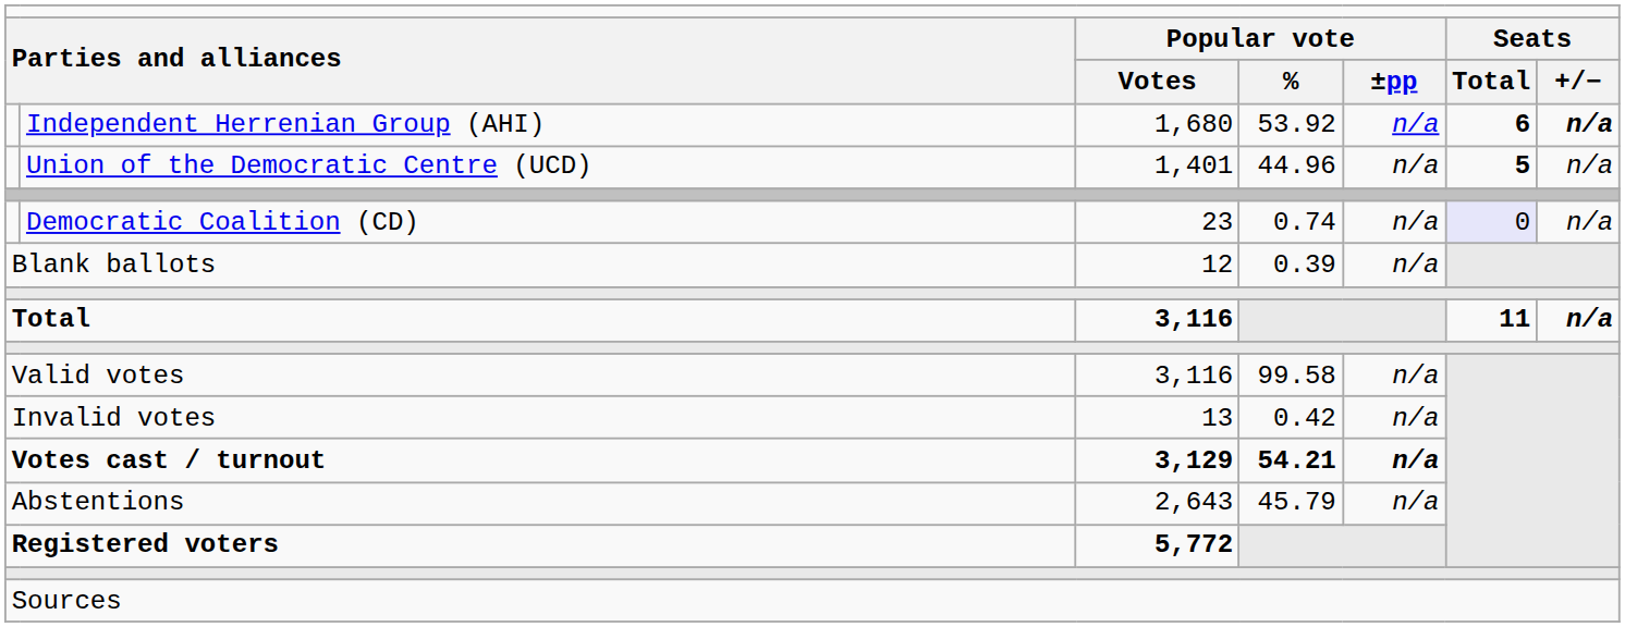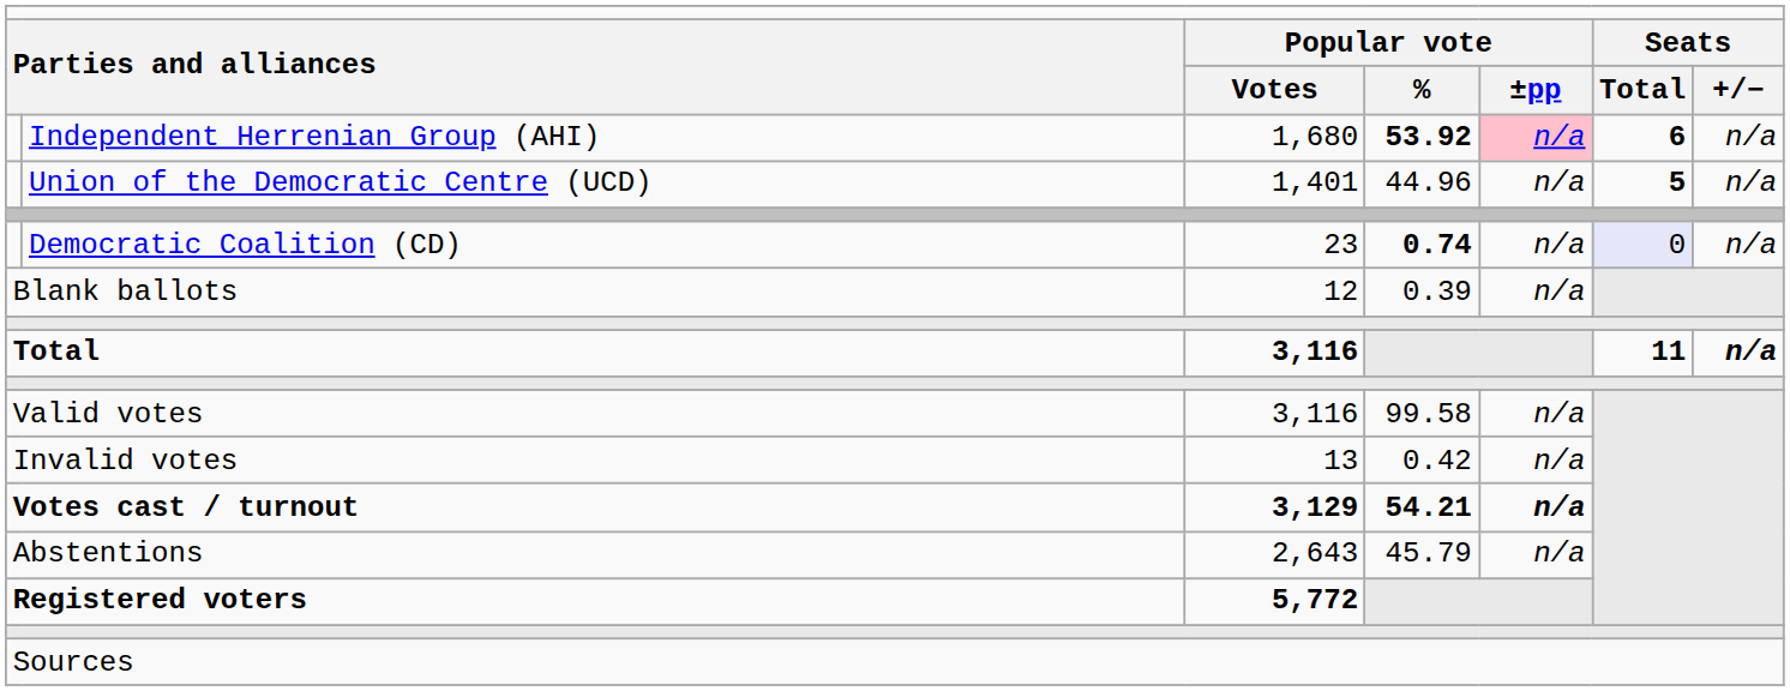 <table class="wikitable" style="text-align:right;">
 <tr>
 <td colspan="7"></td>
 </tr>
 <tr>
 <th style="text-align:left;" rowspan="2" colspan="2" width="525">Parties and alliances</th>
 <th colspan="3">Popular vote</th>
 <th colspan="2">Seats</th>
 </tr>
 <tr>
 <th width="75">Votes</th>
 <th width="45">%</th>
 <th width="45">±<a href='#'>pp</a></th>
 <th width="35">Total</th>
 <th width="35">+/−</th>
 </tr>
 <tr>
 <td width="1" style="color:inherit;background:"></td>
 <td align="left"><a href='#'>Independent Herrenian Group</a> (AHI)</td>
 <td>1,680</td>
-<td>53.92</td>
-<td><em><a href='#'>n/a</a></em></td>
+<td><strong>53.92</strong></td>
+<td style="background: pink;"><em><a href='#'>n/a</a></em></td>
 <td><strong>6</strong></td>
-<td><strong><em>n/a</em></strong></td>
+<td><em>n/a</em></td>
 </tr>
 <tr>
 <td style="color:inherit;background:"></td>
 <td align="left"><a href='#'>Union of the Democratic Centre</a> (UCD)</td>
 <td>1,401</td>
 <td>44.96</td>
 <td><em>n/a</em></td>
 <td><strong>5</strong></td>
 <td><em>n/a</em></td>
 </tr>
 <tr>
 <td colspan="7" bgcolor="#C0C0C0"></td>
 </tr>
 <tr>
 <td style="color:inherit;background:"></td>
 <td align="left"><a href='#'>Democratic Coalition</a> (CD)</td>
 <td>23</td>
-<td>0.74</td>
+<td><strong>0.74</strong></td>
 <td><em>n/a</em></td>
 <td style="background: lavender;">0</td>
 <td><em>n/a</em></td>
 </tr>
 <tr>
 <td align="left" colspan="2">Blank ballots</td>
 <td>12</td>
 <td>0.39</td>
 <td><em>n/a</em></td>
 <td bgcolor="#E9E9E9" colspan="2"></td>
 </tr>
 <tr>
 <td colspan="7" bgcolor="#E9E9E9"></td>
 </tr>
 <tr style="font-weight:bold;">
 <td align="left" colspan="2">Total</td>
 <td>3,116</td>
 <td bgcolor="#E9E9E9" colspan="2"></td>
 <td>11</td>
 <td><em>n/a</em></td>
 </tr>
 <tr>
 <td colspan="7" bgcolor="#E9E9E9"></td>
 </tr>
 <tr>
 <td align="left" colspan="2">Valid votes</td>
 <td>3,116</td>
 <td>99.58</td>
 <td><em>n/a</em></td>
 <td bgcolor="#E9E9E9" colspan="2" rowspan="5"></td>
 </tr>
 <tr>
 <td align="left" colspan="2">Invalid votes</td>
 <td>13</td>
 <td>0.42</td>
 <td><em>n/a</em></td>
 </tr>
 <tr style="font-weight:bold;">
 <td align="left" colspan="2">Votes cast / turnout</td>
 <td>3,129</td>
 <td>54.21</td>
 <td><em>n/a</em></td>
 </tr>
 <tr>
 <td align="left" colspan="2">Abstentions</td>
 <td>2,643</td>
 <td>45.79</td>
 <td><em>n/a</em></td>
 </tr>
 <tr style="font-weight:bold;">
 <td align="left" colspan="2">Registered voters</td>
 <td>5,772</td>
 <td bgcolor="#E9E9E9" colspan="2"></td>
 </tr>
 <tr>
 <td colspan="7" bgcolor="#E9E9E9"></td>
 </tr>
 <tr>
 <td align="left" colspan="7">Sources</td>
 </tr>
 </table>
